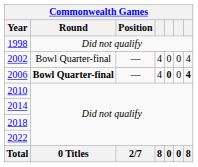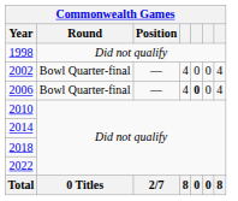 <table class="wikitable" style="text-align: center;">
 <tr>
 <th colspan="7"><a href='#'>Commonwealth Games</a></th>
 </tr>
 <tr>
 <th>Year</th>
 <th>Round</th>
 <th>Position</th>
 <th></th>
 <th></th>
 <th></th>
 <th></th>
 </tr>
 <tr>
 <td> <a href='#'>1998</a></td>
 <td colspan="6"><em>Did not qualify</em></td>
 </tr>
 <tr>
 <td> <a href='#'>2002</a></td>
 <td>Bowl Quarter-final</td>
 <td>—</td>
 <td>4</td>
 <td>0</td>
 <td>0</td>
 <td>4</td>
 </tr>
 <tr>
 <td> <a href='#'>2006</a></td>
-<td><strong>Bowl Quarter-final</strong></td>
+<td>Bowl Quarter-final</td>
 <td>—</td>
 <td>4</td>
 <td><strong>0</strong></td>
 <td>0</td>
-<td><strong>4</strong></td>
+<td>4</td>
 </tr>
 <tr>
 <td> <a href='#'>2010</a></td>
 <td colspan="6" rowspan="4"><em>Did not qualify</em></td>
 </tr>
 <tr>
 <td> <a href='#'>2014</a></td>
 </tr>
 <tr>
 <td> <a href='#'>2018</a></td>
 </tr>
 <tr>
 <td> <a href='#'>2022</a></td>
 </tr>
 <tr>
 <th>Total</th>
 <th>0 Titles</th>
 <th>2/7</th>
 <th>8</th>
 <th>0</th>
 <th>0</th>
 <th>8</th>
 </tr>
 </table>
